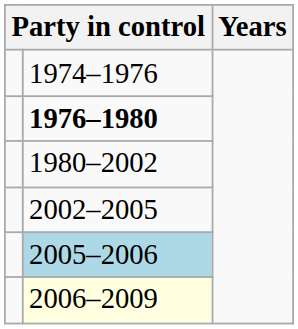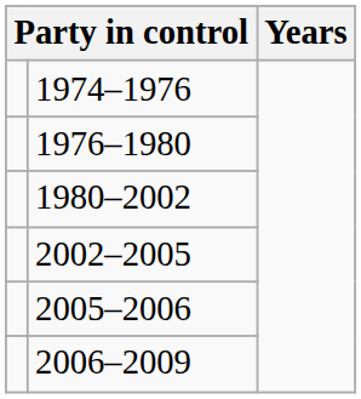 <table class="wikitable">
 <tr>
 <th colspan="2">Party in control</th>
 <th>Years</th>
 </tr>
 <tr>
 <td></td>
 <td>1974–1976</td>
 </tr>
 <tr>
 <td></td>
-<td><strong>1976–1980</strong></td>
+<td>1976–1980</td>
 </tr>
 <tr>
 <td></td>
 <td>1980–2002</td>
 </tr>
 <tr>
 <td></td>
 <td>2002–2005</td>
 </tr>
 <tr>
 <td></td>
-<td style="background: lightblue;">2005–2006</td>
+<td>2005–2006</td>
 </tr>
 <tr>
 <td></td>
-<td style="background: lightyellow;">2006–2009</td>
+<td>2006–2009</td>
 </tr>
 </table>
